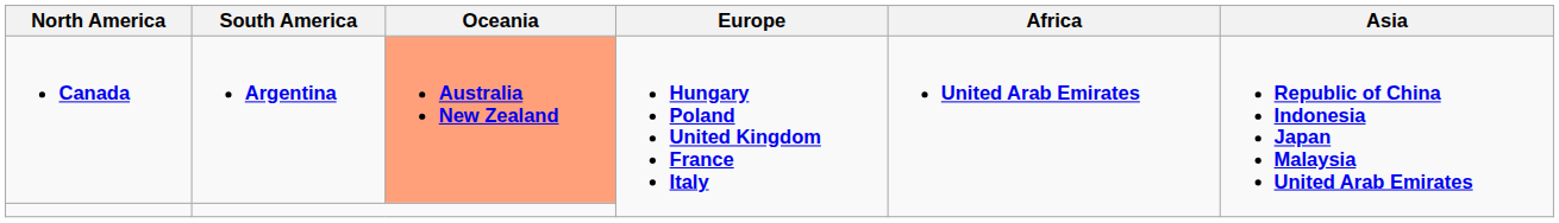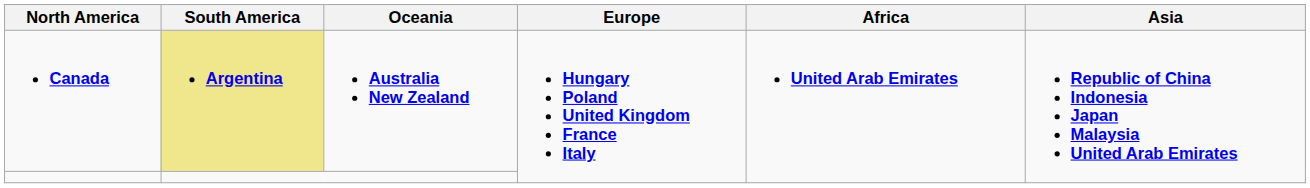 <table class="wikitable" width="100%">
 <tr>
 <th>North America</th>
 <th>South America</th>
 <th>Oceania</th>
 <th>Europe</th>
 <th>Africa</th>
 <th>Asia</th>
 </tr>
 <tr valign="top">
 <td><br><ul><li> <strong><a href='#'>Canada</a></strong></li></ul></td>
-<td><br><ul><li> <strong><a href='#'>Argentina</a></strong></li></ul></td>
-<td style="background: lightsalmon;"><br><ul><li> <strong><a href='#'>Australia</a></strong></li><li> <strong><a href='#'>New Zealand</a></strong></li></ul></td>
+<td style="background: khaki;"><br><ul><li> <strong><a href='#'>Argentina</a></strong></li></ul></td>
+<td><br><ul><li> <strong><a href='#'>Australia</a></strong></li><li> <strong><a href='#'>New Zealand</a></strong></li></ul></td>
 <td rowspan="2"><br><ul><li> <strong><a href='#'>Hungary</a></strong></li><li> <strong><a href='#'>Poland</a></strong></li><li> <strong><a href='#'>United Kingdom</a></strong></li><li> <strong><a href='#'>France</a></strong></li><li> <strong><a href='#'>Italy</a></strong></li></ul></td>
 <td rowspan="2"><br><ul><li> <strong><a href='#'>United Arab Emirates</a></strong></li></ul></td>
 <td rowspan="2"><br><ul><li> <strong><a href='#'>Republic of China</a></strong></li><li> <strong><a href='#'>Indonesia</a></strong></li><li> <strong><a href='#'>Japan</a></strong></li><li> <strong><a href='#'>Malaysia</a></strong></li><li> <strong><a href='#'>United Arab Emirates</a></strong></li></ul></td>
 </tr>
 <tr>
 <td></td>
 </tr>
 </table>
